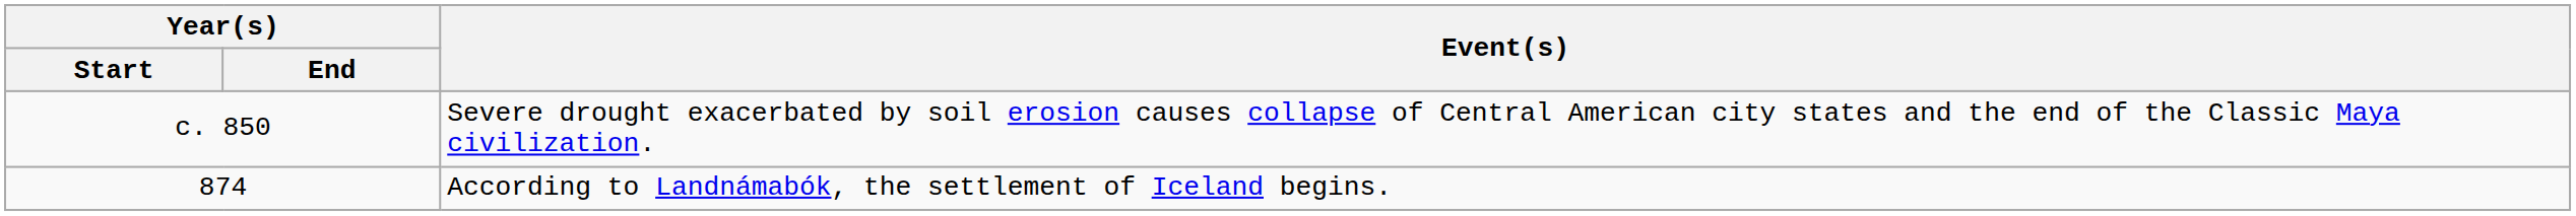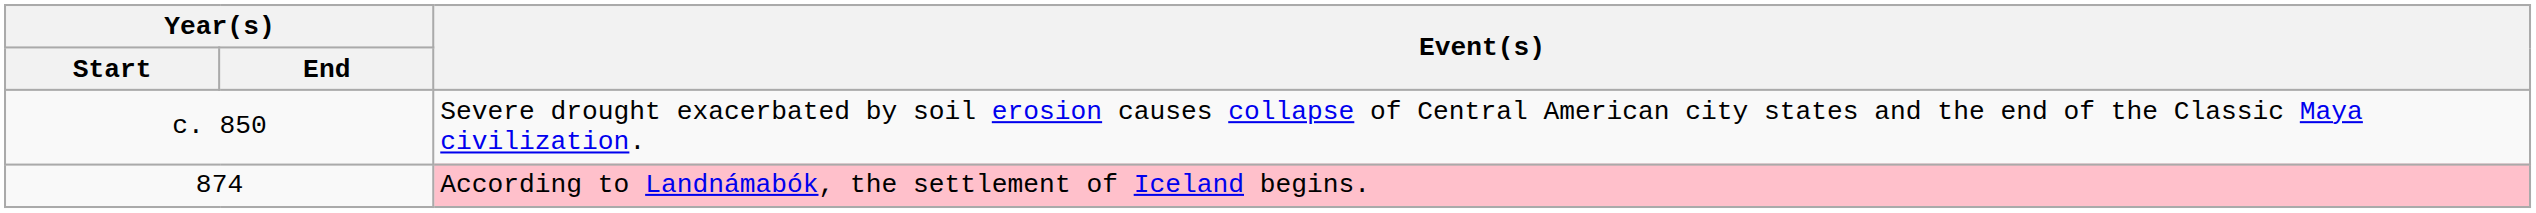 <table class="wikitable">
 <tr>
 <th colspan="2">Year(s)</th>
 <th rowspan="2">Event(s)</th>
 </tr>
 <tr>
 <th style="width:100px;">Start</th>
 <th style="width:100px;">End</th>
 </tr>
 <tr>
 <td colspan="2" style="text-align:center;">c. 850</td>
 <td>Severe drought exacerbated by soil <a href='#'>erosion</a> causes <a href='#'>collapse</a> of Central American city states and the end of the Classic <a href='#'>Maya civilization</a>.</td>
 </tr>
 <tr>
 <td colspan="2" style="text-align:center;">874</td>
-<td>According to <a href='#'>Landnámabók</a>, the settlement of <a href='#'>Iceland</a> begins.</td>
+<td style="background: pink;">According to <a href='#'>Landnámabók</a>, the settlement of <a href='#'>Iceland</a> begins.</td>
 </tr>
 </table>
